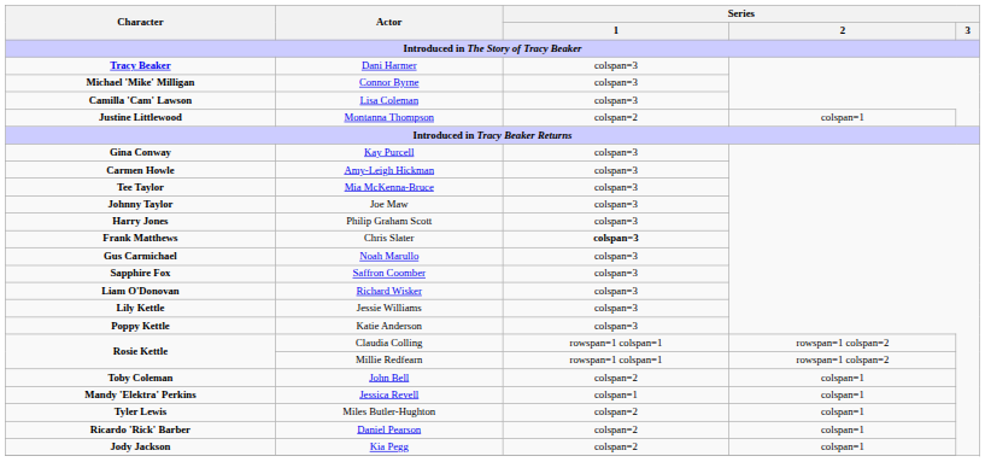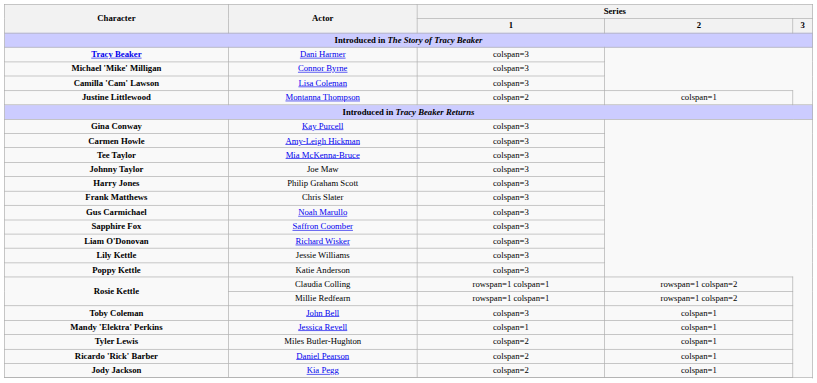 <table class="wikitable" style="text-align:center; width:100%; font-size:85%">
 <tr>
 <th rowspan="2">Character</th>
 <th rowspan="2">Actor</th>
 <th colspan="3">Series</th>
 </tr>
 <tr>
 <th>1</th>
 <th>2</th>
 <th>3</th>
 </tr>
 <tr>
 <th scope="col" colspan="22" style="background-color:#ccccff;">Introduced in <em>The Story of Tracy Beaker</em></th>
 </tr>
 <tr>
 <td><strong><a href='#'>Tracy Beaker</a></strong></td>
 <td><a href='#'>Dani Harmer</a></td>
 <td>colspan=3 </td>
 </tr>
 <tr>
 <td><strong>Michael 'Mike' Milligan</strong></td>
 <td><a href='#'>Connor Byrne</a></td>
 <td>colspan=3 </td>
 </tr>
 <tr>
 <td><strong>Camilla 'Cam' Lawson</strong></td>
 <td><a href='#'>Lisa Coleman</a></td>
 <td>colspan=3 </td>
 </tr>
 <tr>
 <td><strong>Justine Littlewood</strong></td>
 <td><a href='#'>Montanna Thompson</a></td>
 <td>colspan=2 </td>
 <td>colspan=1 </td>
 </tr>
 <tr>
 <th scope="col" colspan="22" style="background-color:#ccccff;">Introduced in <em>Tracy Beaker Returns</em></th>
 </tr>
 <tr>
 <td><strong>Gina Conway</strong></td>
 <td><a href='#'>Kay Purcell</a></td>
 <td>colspan=3 </td>
 </tr>
 <tr>
 <td><strong>Carmen Howle</strong></td>
 <td><a href='#'>Amy-Leigh Hickman</a></td>
 <td>colspan=3 </td>
 </tr>
 <tr>
 <td><strong>Tee Taylor</strong></td>
 <td><a href='#'>Mia McKenna-Bruce</a></td>
 <td>colspan=3 </td>
 </tr>
 <tr>
 <td><strong>Johnny Taylor</strong></td>
 <td>Joe Maw</td>
 <td>colspan=3 </td>
 </tr>
 <tr>
 <td><strong>Harry Jones</strong></td>
 <td>Philip Graham Scott</td>
 <td>colspan=3 </td>
 </tr>
 <tr>
 <td><strong>Frank Matthews</strong></td>
 <td>Chris Slater</td>
-<td><strong>colspan=3 </strong></td>
+<td>colspan=3 </td>
 </tr>
 <tr>
 <td><strong>Gus Carmichael</strong></td>
 <td><a href='#'>Noah Marullo</a></td>
 <td>colspan=3 </td>
 </tr>
 <tr>
 <td><strong>Sapphire Fox</strong></td>
 <td><a href='#'>Saffron Coomber</a></td>
 <td>colspan=3 </td>
 </tr>
 <tr>
 <td><strong>Liam O'Donovan</strong></td>
 <td><a href='#'>Richard Wisker</a></td>
 <td>colspan=3 </td>
 </tr>
 <tr>
 <td><strong>Lily Kettle</strong></td>
 <td>Jessie Williams</td>
 <td>colspan=3 </td>
 </tr>
 <tr>
 <td><strong>Poppy Kettle</strong></td>
 <td>Katie Anderson</td>
 <td>colspan=3 </td>
 </tr>
 <tr>
 <td rowspan=2><strong>Rosie Kettle</strong></td>
 <td>Claudia Colling</td>
 <td>rowspan=1 colspan=1 </td>
 <td>rowspan=1 colspan=2 </td>
 </tr>
 <tr>
 <td>Millie Redfearn</td>
 <td>rowspan=1 colspan=1 </td>
 <td>rowspan=1 colspan=2 </td>
 </tr>
 <tr>
 <td><strong>Toby Coleman</strong></td>
 <td><a href='#'>John Bell</a></td>
-<td>colspan=2 </td>
+<td>colspan=3 </td>
 <td>colspan=1 </td>
 </tr>
 <tr>
 <td><strong>Mandy 'Elektra' Perkins</strong></td>
 <td><a href='#'>Jessica Revell</a></td>
 <td>colspan=1 </td>
 <td>colspan=1 </td>
 </tr>
 <tr>
 <td><strong>Tyler Lewis</strong></td>
 <td>Miles Butler-Hughton</td>
 <td>colspan=2 </td>
 <td>colspan=1 </td>
 </tr>
 <tr>
 <td><strong>Ricardo 'Rick' Barber</strong></td>
 <td><a href='#'>Daniel Pearson</a></td>
 <td>colspan=2 </td>
 <td>colspan=1 </td>
 </tr>
 <tr>
 <td><strong>Jody Jackson</strong></td>
 <td><a href='#'>Kia Pegg</a></td>
 <td>colspan=2 </td>
 <td>colspan=1 </td>
 </tr>
 <tr>
 </tr>
 </table>
